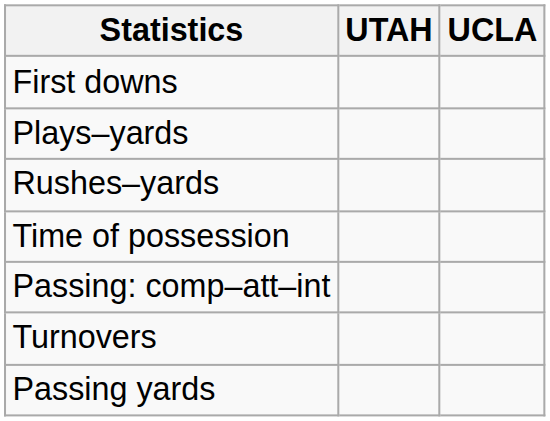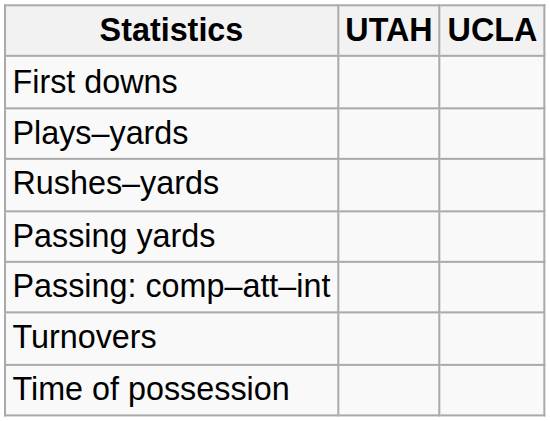 <table class="wikitable" style="float:left">
 <tr>
 <th>Statistics</th>
 <th>UTAH</th>
 <th>UCLA</th>
 </tr>
 <tr>
 <td>First downs</td>
 <td></td>
 <td></td>
 </tr>
 <tr>
 <td>Plays–yards</td>
 <td></td>
 <td></td>
 </tr>
 <tr>
 <td>Rushes–yards</td>
 <td></td>
 <td></td>
 </tr>
 <tr>
-<td>Time of possession</td>
+<td>Passing yards</td>
 <td></td>
 <td></td>
 </tr>
 <tr>
 <td>Passing: comp–att–int</td>
 <td></td>
 <td></td>
 </tr>
 <tr>
 <td>Turnovers</td>
 <td></td>
 <td></td>
 </tr>
 <tr>
-<td>Passing yards</td>
+<td>Time of possession</td>
 <td></td>
 <td></td>
 </tr>
 </table>
